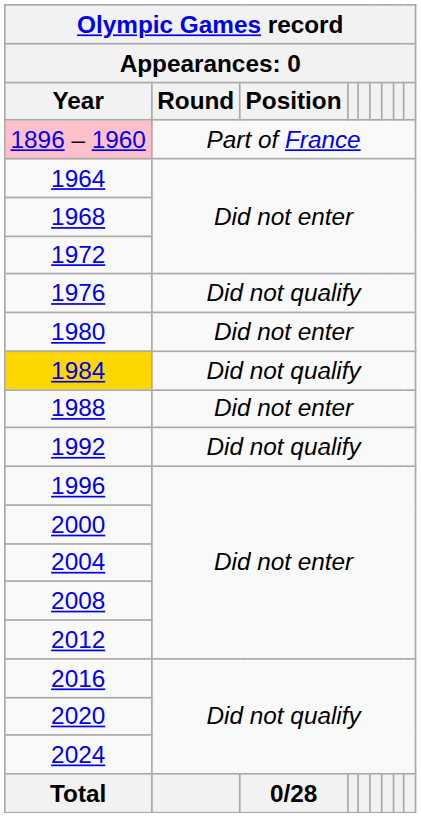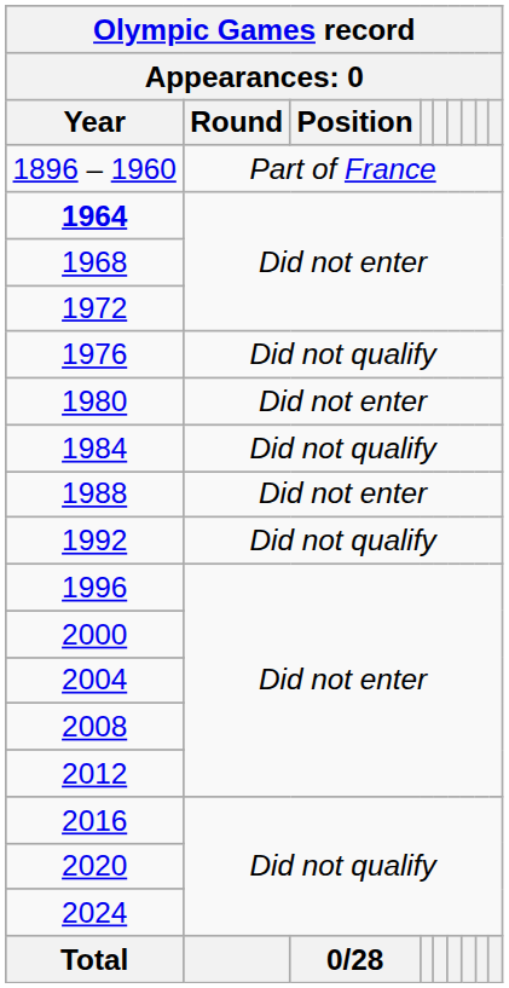 <table class="wikitable" style="text-align: center;font-size:90%;">
 <tr>
 <th colspan=9><a href='#'>Olympic Games</a> record</th>
 </tr>
 <tr>
 <th colspan=9>Appearances: 0</th>
 </tr>
 <tr>
 <th>Year</th>
 <th>Round</th>
 <th>Position</th>
 <th></th>
 <th></th>
 <th></th>
 <th></th>
 <th></th>
 <th></th>
 </tr>
 <tr>
-<td style="background: pink;"><a href='#'>1896</a> – <a href='#'>1960</a></td>
+<td><a href='#'>1896</a> – <a href='#'>1960</a></td>
 <td colspan=8><em>Part of <a href='#'>France</a></em></td>
 </tr>
 <tr>
-<td> <a href='#'>1964</a></td>
+<td><strong> <a href='#'>1964</a></strong></td>
 <td rowspan=3 colspan=8><em>Did not enter</em></td>
 </tr>
 <tr>
 <td> <a href='#'>1968</a></td>
 </tr>
 <tr>
 <td> <a href='#'>1972</a></td>
 </tr>
 <tr>
 <td> <a href='#'>1976</a></td>
 <td colspan=8><em>Did not qualify</em></td>
 </tr>
 <tr>
 <td> <a href='#'>1980</a></td>
 <td colspan=8><em>Did not enter</em></td>
 </tr>
 <tr>
-<td style="background: gold;"> <a href='#'>1984</a></td>
+<td> <a href='#'>1984</a></td>
 <td colspan=8><em>Did not qualify</em></td>
 </tr>
 <tr>
 <td> <a href='#'>1988</a></td>
 <td colspan=8><em>Did not enter</em></td>
 </tr>
 <tr>
 <td> <a href='#'>1992</a></td>
 <td colspan=8><em>Did not qualify</em></td>
 </tr>
 <tr>
 <td> <a href='#'>1996</a></td>
 <td rowspan=5 colspan=8><em>Did not enter</em></td>
 </tr>
 <tr>
 <td> <a href='#'>2000</a></td>
 </tr>
 <tr>
 <td> <a href='#'>2004</a></td>
 </tr>
 <tr>
 <td> <a href='#'>2008</a></td>
 </tr>
 <tr>
 <td> <a href='#'>2012</a></td>
 </tr>
 <tr>
 <td> <a href='#'>2016</a></td>
 <td rowspan=3 colspan=8><em>Did not qualify</em></td>
 </tr>
 <tr>
 <td> <a href='#'>2020</a></td>
 </tr>
 <tr>
 <td> <a href='#'>2024</a></td>
 </tr>
 <tr>
 <th>Total</th>
 <th></th>
 <th>0/28</th>
 <th></th>
 <th></th>
 <th></th>
 <th></th>
 <th></th>
 <th></th>
 </tr>
 </table>
